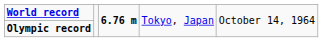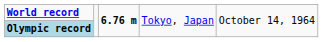 <table class="wikitable">
 <tr>
 <td><strong><a href='#'>World record</a></strong></td>
 <td rowspan=2></td>
 <td rowspan=2><strong>6.76 m</strong></td>
 <td rowspan=2><a href='#'>Tokyo</a>, <a href='#'>Japan</a></td>
 <td rowspan=2>October 14, 1964</td>
 </tr>
 <tr>
-<td><strong>Olympic record</strong></td>
+<td style="background: lightblue;"><strong>Olympic record</strong></td>
 </tr>
 </table>
